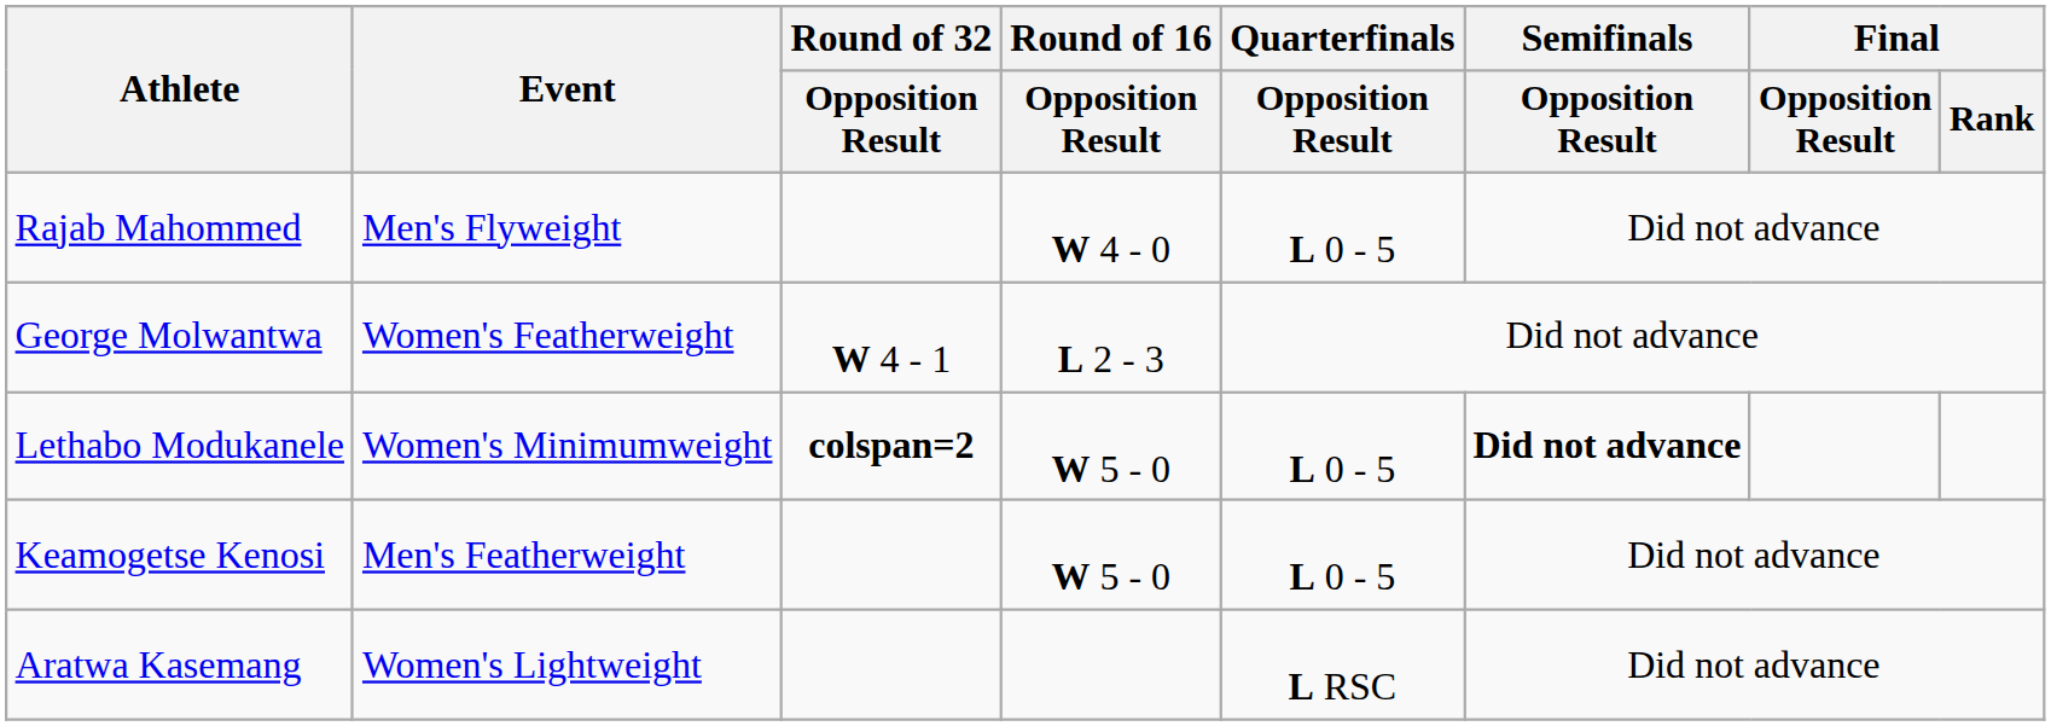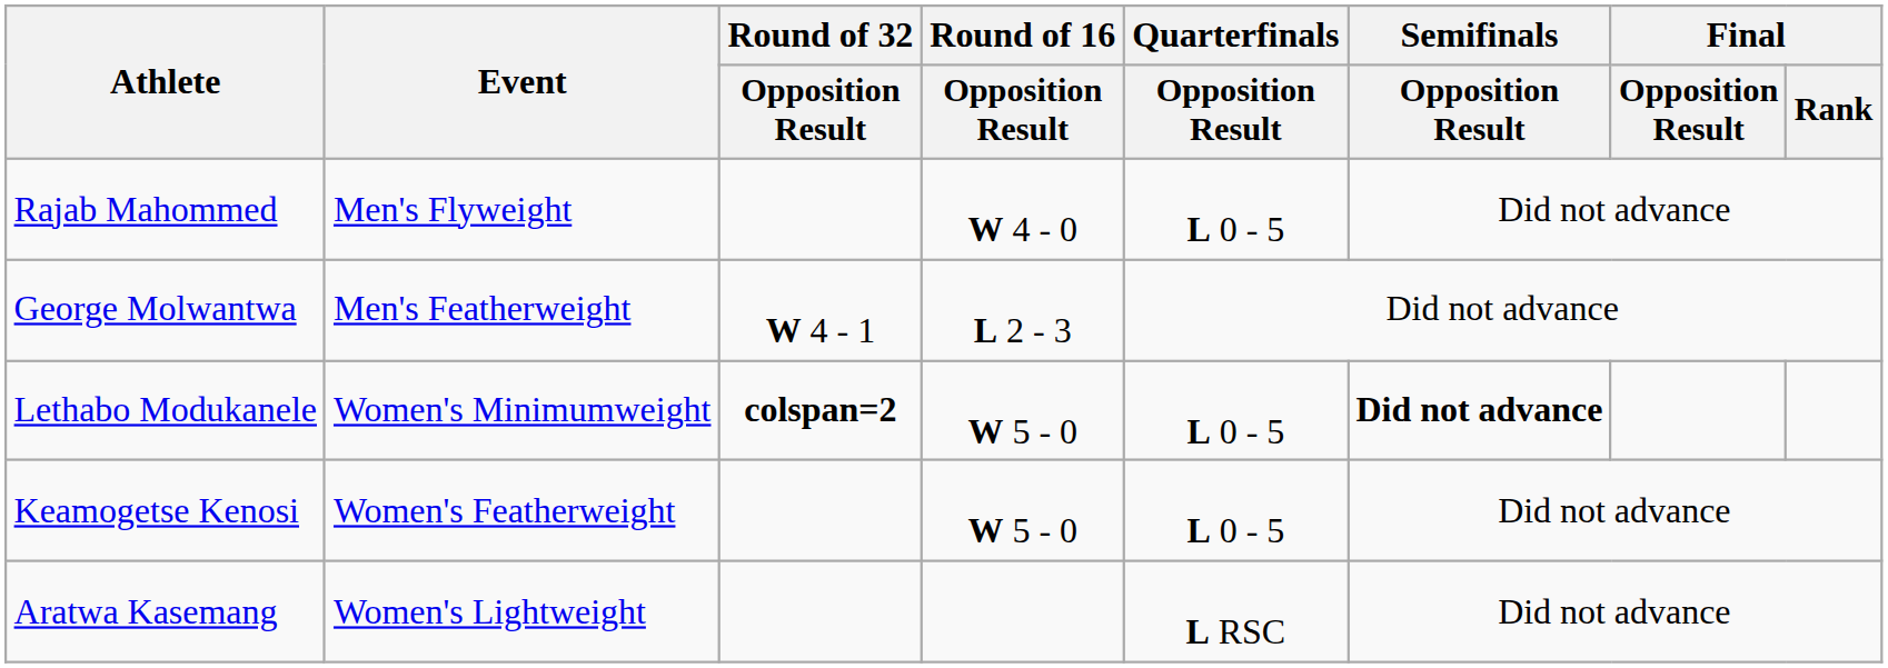 <table class="wikitable" style="font-size:90%; text-align:center">
 <tr>
 <th rowspan=2>Athlete</th>
 <th rowspan=2>Event</th>
 <th>Round of 32</th>
 <th>Round of 16</th>
 <th>Quarterfinals</th>
 <th>Semifinals</th>
 <th colspan=2>Final</th>
 </tr>
 <tr style="font-size:95%">
 <th>Opposition<br>Result</th>
 <th>Opposition<br>Result</th>
 <th>Opposition<br>Result</th>
 <th>Opposition<br>Result</th>
 <th>Opposition<br>Result</th>
 <th>Rank</th>
 </tr>
 <tr>
 <td align=left><a href='#'>Rajab Mahommed</a></td>
 <td align=left><a href='#'>Men's Flyweight</a></td>
 <td></td>
 <td><br><strong>W</strong> 4 - 0</td>
 <td><br><strong>L</strong> 0 - 5</td>
 <td colspan=3>Did not advance</td>
 </tr>
 <tr>
 <td align=left><a href='#'>George Molwantwa</a></td>
-<td align=left><a href='#'>Women's Featherweight</a></td>
+<td align=left><a href='#'>Men's Featherweight</a></td>
 <td><br><strong>W</strong> 4 - 1</td>
 <td><br><strong>L</strong> 2 - 3</td>
 <td colspan=4>Did not advance</td>
 </tr>
 <tr>
 <td align=left><a href='#'>Lethabo Modukanele</a></td>
 <td align=left><a href='#'>Women's Minimumweight</a></td>
 <td><strong>colspan=2 </strong></td>
 <td><br><strong>W</strong> 5 - 0</td>
 <td><br><strong>L</strong> 0 - 5</td>
 <td><strong>Did not advance</strong></td>
 <td></td>
 </tr>
 <tr>
 <td align=left><a href='#'>Keamogetse Kenosi</a></td>
-<td align=left><a href='#'>Men's Featherweight</a></td>
+<td align=left><a href='#'>Women's Featherweight</a></td>
 <td></td>
 <td><br><strong>W</strong> 5 - 0</td>
 <td><br><strong>L</strong> 0 - 5</td>
 <td colspan=3>Did not advance</td>
 </tr>
 <tr>
 <td align=left><a href='#'>Aratwa Kasemang</a></td>
 <td align=left><a href='#'>Women's Lightweight</a></td>
 <td></td>
 <td></td>
 <td><br><strong>L</strong> RSC</td>
 <td colspan=3>Did not advance</td>
 </tr>
 </table>
